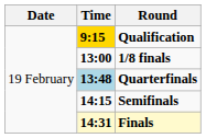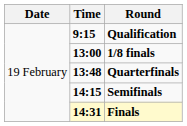 <table class="wikitable">
 <tr>
 <th>Date</th>
 <th>Time</th>
 <th>Round</th>
 </tr>
 <tr>
 <td rowspan=5>19 February</td>
-<td style="background: gold;"><strong>9:15</strong></td>
+<td><strong>9:15</strong></td>
 <td><strong>Qualification</strong></td>
 </tr>
 <tr>
 <td><strong>13:00</strong></td>
 <td><strong>1/8 finals</strong></td>
 </tr>
 <tr>
-<td style="background: lightblue;"><strong>13:48</strong></td>
+<td><strong>13:48</strong></td>
 <td><strong>Quarterfinals</strong></td>
 </tr>
 <tr>
 <td><strong>14:15</strong></td>
 <td><strong>Semifinals</strong></td>
 </tr>
 <tr style=background:lemonchiffon>
 <td><strong>14:31</strong></td>
 <td><strong>Finals</strong></td>
 </tr>
 </table>
